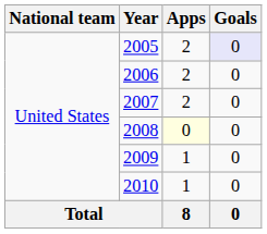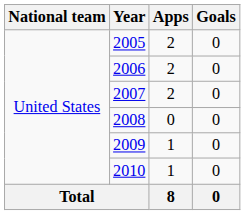 <table class="wikitable" style="text-align:center">
 <tr>
 <th>National team</th>
 <th>Year</th>
 <th>Apps</th>
 <th>Goals</th>
 </tr>
 <tr>
 <td rowspan="6"><a href='#'>United States</a></td>
 <td><a href='#'>2005</a></td>
 <td>2</td>
-<td style="background: lavender;">0</td>
+<td>0</td>
 </tr>
 <tr>
 <td><a href='#'>2006</a></td>
 <td>2</td>
 <td>0</td>
 </tr>
 <tr>
 <td><a href='#'>2007</a></td>
 <td>2</td>
 <td>0</td>
 </tr>
 <tr>
 <td><a href='#'>2008</a></td>
-<td style="background: lightyellow;">0</td>
+<td>0</td>
 <td>0</td>
 </tr>
 <tr>
 <td><a href='#'>2009</a></td>
 <td>1</td>
 <td>0</td>
 </tr>
 <tr>
 <td><a href='#'>2010</a></td>
 <td>1</td>
 <td>0</td>
 </tr>
 <tr>
 <th colspan="2">Total</th>
 <th>8</th>
 <th>0</th>
 </tr>
 </table>
